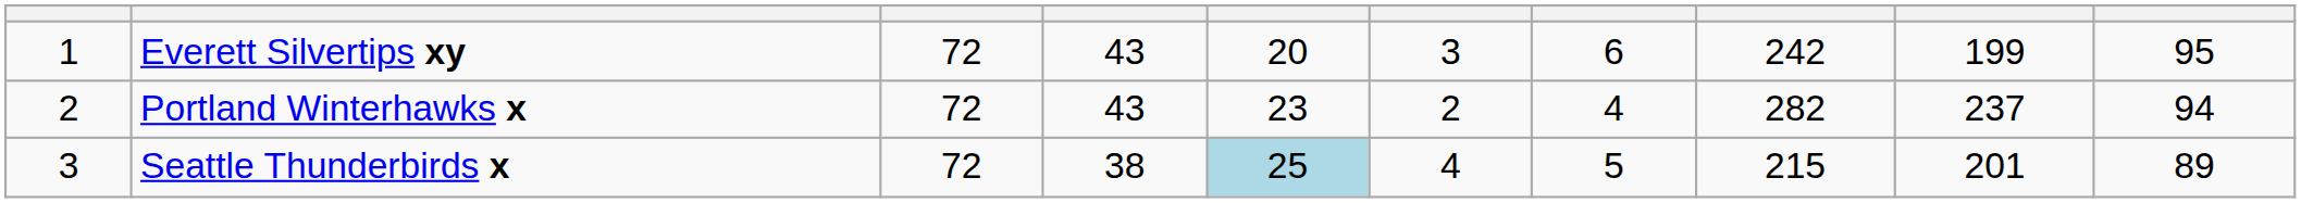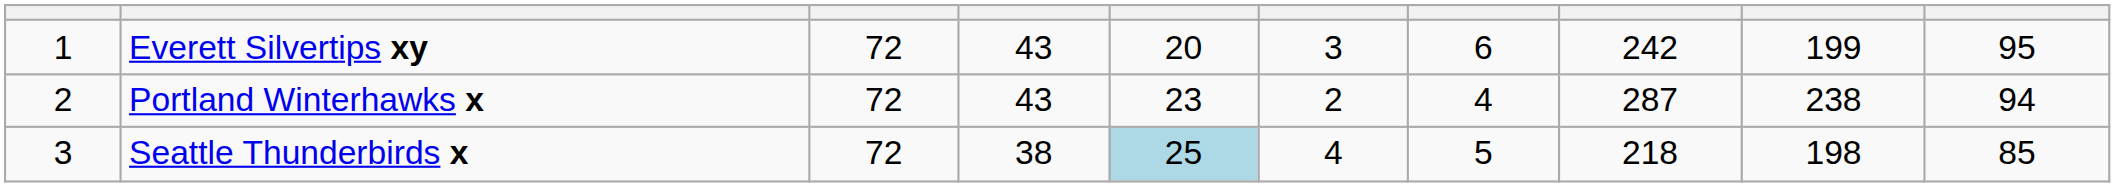 <table class="wikitable sortable">
 <tr>
 <th style="width:3em"></th>
 <th style="width:20em;" class="unsortable"></th>
 <th style="width:4em;" class="unsortable"></th>
 <th style="width:4em;"></th>
 <th style="width:4em;"></th>
 <th style="width:4em;"></th>
 <th style="width:4em;"></th>
 <th style="width:5em;"></th>
 <th style="width:5em;"></th>
 <th style="width:5em;"></th>
 </tr>
 <tr style="font-weight: ; text-align: center;">
 <td>1</td>
 <td style="text-align:left;"><a href='#'>Everett Silvertips</a> <strong>xy</strong></td>
 <td>72</td>
 <td>43</td>
 <td>20</td>
 <td>3</td>
 <td>6</td>
 <td>242</td>
 <td>199</td>
 <td>95</td>
 </tr>
 <tr style="font-weight: ; text-align: center;">
 <td>2</td>
 <td style="text-align:left;"><a href='#'>Portland Winterhawks</a> <strong>x</strong></td>
 <td>72</td>
 <td>43</td>
 <td>23</td>
 <td>2</td>
 <td>4</td>
-<td>282</td>
-<td>237</td>
+<td>287</td>
+<td>238</td>
 <td>94</td>
 </tr>
 <tr style="font-weight: ; text-align: center;">
 <td>3</td>
 <td style="text-align:left;"><a href='#'>Seattle Thunderbirds</a> <strong>x</strong></td>
 <td>72</td>
 <td>38</td>
 <td style="background: lightblue;">25</td>
 <td>4</td>
 <td>5</td>
-<td>215</td>
-<td>201</td>
-<td>89</td>
+<td>218</td>
+<td>198</td>
+<td>85</td>
 </tr>
 </table>
